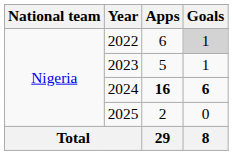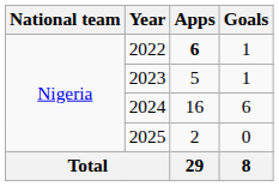 <table class="wikitable" style="text-align: center;">
 <tr>
 <th>National team</th>
 <th>Year</th>
 <th>Apps</th>
 <th>Goals</th>
 </tr>
 <tr>
 <td rowspan="4"><a href='#'>Nigeria</a></td>
 <td>2022</td>
-<td>6</td>
-<td style="background: lightgrey;">1</td>
+<td><strong>6</strong></td>
+<td>1</td>
 </tr>
 <tr>
 <td>2023</td>
 <td>5</td>
 <td>1</td>
 </tr>
 <tr>
 <td>2024</td>
-<td><strong>16</strong></td>
-<td><strong>6</strong></td>
+<td>16</td>
+<td>6</td>
 </tr>
 <tr>
 <td>2025</td>
 <td>2</td>
 <td>0</td>
 </tr>
 <tr>
 <th colspan="2">Total</th>
 <th>29</th>
 <th>8</th>
 </tr>
 </table>
